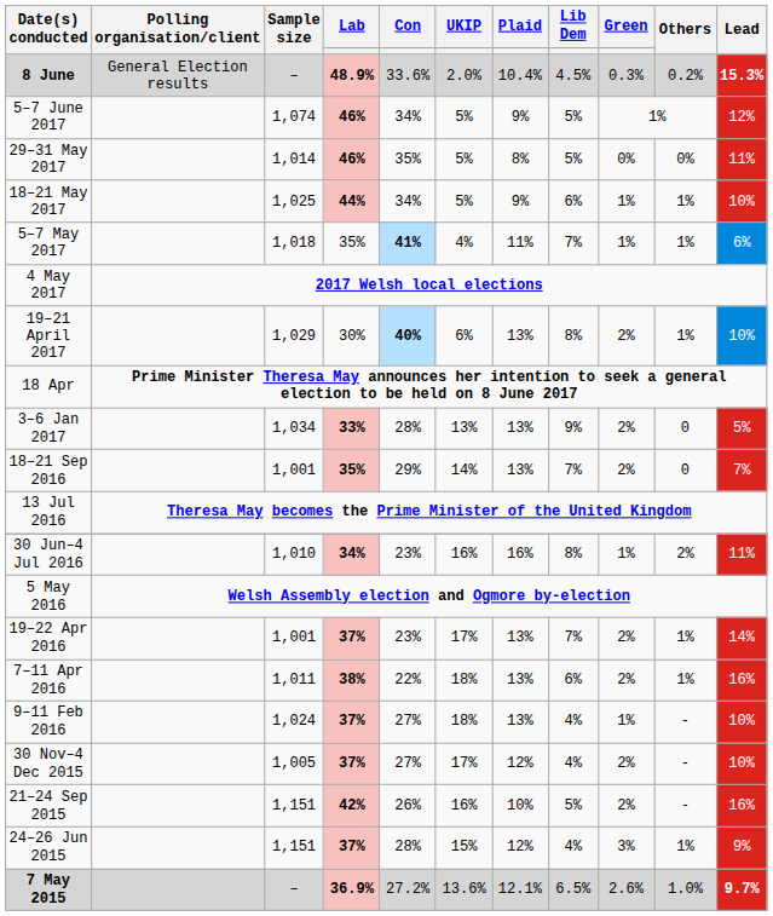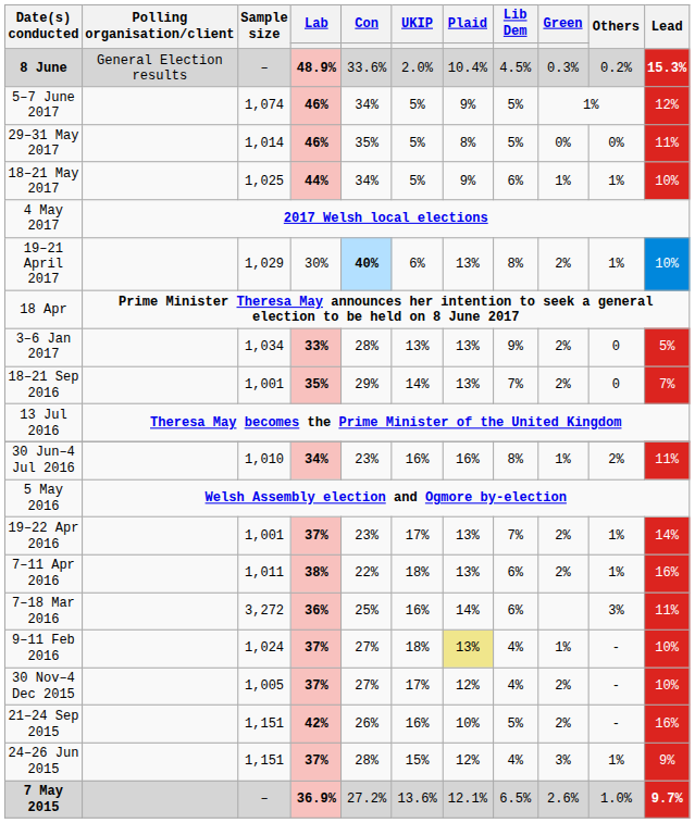 <table class="wikitable sortable mw-datatable" style="text-align:center;font-size:90%;line-height:14px;">
 <tr>
 <th rowspan="2">Date(s)<br>conducted</th>
 <th rowspan="2">Polling organisation/client</th>
 <th rowspan="2">Sample<br>size</th>
 <th style="width:50px;" class="unsortable"><a href='#'>Lab</a></th>
 <th style="width:50px;" class="unsortable"><a href='#'>Con</a></th>
 <th style="width:50px;" class="unsortable"><a href='#'>UKIP</a></th>
 <th style="width:50px;" class="unsortable"><a href='#'>Plaid</a></th>
 <th style="width:50px;" class="unsortable"><a href='#'>Lib Dem</a></th>
 <th style="width:50px;" class="unsortable"><a href='#'>Green</a></th>
 <th style="width:50px;" rowspan="2" class="unsortable">Others</th>
 <th class="unsortable" style="width:20px;" rowspan="2">Lead</th>
 </tr>
 <tr>
 <th class="unsortable" style="color:inherit;background:"></th>
 <th class="unsortable" style="color:inherit;background:"></th>
 <th class="unsortable" style="color:inherit;background:"></th>
 <th class="unsortable" style="color:inherit;background:"></th>
 <th class="unsortable" style="color:inherit;background:"></th>
 <th class="unsortable" style="color:inherit;background:"></th>
 </tr>
 <tr>
 <td style="background:#D5D5D5"><strong>8 June</strong></td>
 <td style="background:#D5D5D5">General Election results</td>
 <td style="background:#D5D5D5">–</td>
 <td style="background:#F8C1BE"><strong>48.9%</strong></td>
 <td style="background:#D5D5D5">33.6%</td>
 <td style="background:#D5D5D5">2.0%</td>
 <td style="background:#D5D5D5">10.4%</td>
 <td style="background:#D5D5D5">4.5%</td>
 <td style="background:#D5D5D5">0.3%</td>
 <td style="background:#D5D5D5">0.2%</td>
 <td style="background:#dc241f; color:white;"><strong>15.3%</strong></td>
 </tr>
 <tr>
 <td>5–7 June 2017</td>
 <td></td>
 <td>1,074</td>
 <td style="background:#F8C1BE"><strong>46%</strong></td>
 <td>34%</td>
 <td>5%</td>
 <td>9%</td>
 <td>5%</td>
 <td colspan="2">1%</td>
 <td style="background:#dc241f; color:white;">12%</td>
 </tr>
 <tr>
 <td>29–31 May 2017</td>
 <td></td>
 <td>1,014</td>
 <td style="background:#F8C1BE"><strong>46%</strong></td>
 <td>35%</td>
 <td>5%</td>
 <td>8%</td>
 <td>5%</td>
 <td>0%</td>
 <td>0%</td>
 <td style="background:#dc241f; color:white;">11%</td>
 </tr>
 <tr>
 <td>18–21 May 2017</td>
 <td></td>
 <td>1,025</td>
 <td style="background:#F8C1BE"><strong>44%</strong></td>
 <td>34%</td>
 <td>5%</td>
 <td>9%</td>
 <td>6%</td>
 <td>1%</td>
 <td>1%</td>
 <td style="background:#dc241f; color:white;">10%</td>
-</tr>
-<tr>
-<td>5–7 May 2017</td>
-<td></td>
-<td>1,018</td>
-<td>35%</td>
-<td style="background:#B3E0FF"><strong>41%</strong></td>
-<td>4%</td>
-<td>11%</td>
-<td>7%</td>
-<td>1%</td>
-<td>1%</td>
-<td style="background:#0087DC; color:white;">6%</td>
 </tr>
 <tr>
 <td>4 May 2017</td>
 <td colspan="10"><strong><a href='#'>2017 Welsh local elections</a></strong></td>
 </tr>
 <tr>
 <td>19–21 April 2017</td>
 <td></td>
 <td>1,029</td>
 <td>30%</td>
 <td style="background:#B3E0FF"><strong>40%</strong></td>
 <td>6%</td>
 <td>13%</td>
 <td>8%</td>
 <td>2%</td>
 <td>1%</td>
 <td style="background:#0087DC; color:white;">10%</td>
 </tr>
 <tr>
 <td>18 Apr</td>
 <td colspan="10"><strong>Prime Minister <a href='#'>Theresa May</a> announces her intention to seek a general election to be held on 8 June 2017</strong></td>
 </tr>
 <tr>
 <td>3–6 Jan 2017</td>
 <td></td>
 <td>1,034</td>
 <td style="background:#F8C1BE"><strong>33%</strong></td>
 <td>28%</td>
 <td>13%</td>
 <td>13%</td>
 <td>9%</td>
 <td>2%</td>
 <td>0</td>
 <td style="background:#dc241f; color:white;">5%</td>
 </tr>
 <tr>
 <td>18–21 Sep 2016</td>
 <td></td>
 <td>1,001</td>
 <td style="background:#F8C1BE"><strong>35%</strong></td>
 <td>29%</td>
 <td>14%</td>
 <td>13%</td>
 <td>7%</td>
 <td>2%</td>
 <td>0</td>
 <td style="background:#dc241f; color:white;">7%</td>
 </tr>
 <tr>
 <td>13 Jul 2016</td>
 <td colspan="10"><strong><a href='#'>Theresa May</a> <a href='#'>becomes</a> the <a href='#'>Prime Minister of the United Kingdom</a></strong></td>
 </tr>
 <tr>
 </tr>
 <tr>
 <td>30 Jun–4 Jul 2016</td>
 <td></td>
 <td>1,010</td>
 <td style="background:#F8C1BE"><strong>34%</strong></td>
 <td>23%</td>
 <td>16%</td>
 <td>16%</td>
 <td>8%</td>
 <td>1%</td>
 <td>2%</td>
 <td style="background:#dc241f; color:white;">11%</td>
 </tr>
 <tr>
 <td>5 May 2016</td>
 <td colspan="10"><strong><a href='#'>Welsh Assembly election</a> and <a href='#'>Ogmore by-election</a></strong></td>
 </tr>
 <tr>
 <td>19–22 Apr 2016</td>
 <td></td>
 <td>1,001</td>
 <td style="background:#F8C1BE"><strong>37%</strong></td>
 <td>23%</td>
 <td>17%</td>
 <td>13%</td>
 <td>7%</td>
 <td>2%</td>
 <td>1%</td>
 <td style="background:#dc241f; color:white;">14%</td>
 </tr>
 <tr>
 <td>7–11 Apr 2016</td>
 <td></td>
 <td>1,011</td>
 <td style="background:#F8C1BE"><strong>38%</strong></td>
 <td>22%</td>
 <td>18%</td>
 <td>13%</td>
 <td>6%</td>
 <td>2%</td>
 <td>1%</td>
 <td style="background:#dc241f; color:white;">16%</td>
 </tr>
 <tr>
+<td>7–18 Mar 2016</td>
+<td> </td>
+<td>3,272</td>
+<td style="background:#F8C1BE"><strong>36%</strong></td>
+<td>25%</td>
+<td>16%</td>
+<td>14%</td>
+<td>6%</td>
+<td></td>
+<td>3%</td>
+<td style="background:#DC241F; color:white;">11%</td>
+</tr>
+<tr>
 <td>9–11 Feb 2016</td>
 <td></td>
 <td>1,024</td>
 <td style="background:#F8C1BE"><strong>37%</strong></td>
 <td>27%</td>
 <td>18%</td>
-<td>13%</td>
+<td style="background: khaki;">13%</td>
 <td>4%</td>
 <td>1%</td>
 <td>-</td>
 <td style="background:#dc241f; color:white;">10%</td>
 </tr>
 <tr>
 <td>30 Nov–4 Dec 2015</td>
 <td></td>
 <td>1,005</td>
 <td style="background:#F8C1BE"><strong>37%</strong></td>
 <td>27%</td>
 <td>17%</td>
 <td>12%</td>
 <td>4%</td>
 <td>2%</td>
 <td>-</td>
 <td style="background:#dc241f; color:white;">10%</td>
 </tr>
 <tr>
 <td>21–24 Sep 2015</td>
 <td></td>
 <td>1,151</td>
 <td style="background:#F8C1BE"><strong>42%</strong></td>
 <td>26%</td>
 <td>16%</td>
 <td>10%</td>
 <td>5%</td>
 <td>2%</td>
 <td>-</td>
 <td style="background:#dc241f; color:white;">16%</td>
 </tr>
 <tr>
 <td>24–26 Jun 2015</td>
 <td></td>
 <td>1,151</td>
 <td style="background:#F8C1BE"><strong>37%</strong></td>
 <td>28%</td>
 <td>15%</td>
 <td>12%</td>
 <td>4%</td>
 <td>3%</td>
 <td>1%</td>
 <td style="background:#dc241f; color:white;">9%</td>
 </tr>
 <tr>
 <td style="background:#D5D5D5"><strong>7 May 2015</strong></td>
 <td style="background:#D5D5D5"></td>
 <td style="background:#D5D5D5">–</td>
 <td style="background:#F8C1BE"><strong>36.9%</strong></td>
 <td style="background:#D5D5D5">27.2%</td>
 <td style="background:#D5D5D5">13.6%</td>
 <td style="background:#D5D5D5">12.1%</td>
 <td style="background:#D5D5D5">6.5%</td>
 <td style="background:#D5D5D5">2.6%</td>
 <td style="background:#D5D5D5">1.0%</td>
 <td style="background:#dc241f; color:white;"><strong>9.7%</strong></td>
 </tr>
 </table>
